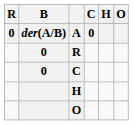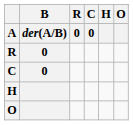 <table class="wikitable">
 <tr>
+<th></th>
+<th>B</th>
 <th>R</th>
-<th>B</th>
-<th></th>
 <th>C</th>
 <th>H</th>
 <th>O</th>
 </tr>
 <tr>
+<th>A</th>
+<th><em>der</em>(A/B)</th>
 <th>0</th>
-<th><em>der</em>(A/B)</th>
-<th>A</th>
 <th>0</th>
 <th></th>
 <th></th>
 </tr>
 <tr>
+<th>R</th>
+<th>0</th>
 <td></td>
-<th>0</th>
-<th>R</th>
 <td></td>
 <td></td>
 <td></td>
 </tr>
 <tr>
+<th>C</th>
+<th>0</th>
 <td></td>
-<th>0</th>
-<th>C</th>
 <td></td>
 <td></td>
 <td></td>
 </tr>
 <tr>
+<th>H</th>
+<th></th>
 <td></td>
-<th></th>
-<th>H</th>
 <td></td>
 <td></td>
 <td></td>
 </tr>
 <tr>
+<th>O</th>
+<th></th>
 <td></td>
-<th></th>
-<th>O</th>
 <td></td>
 <td></td>
 <td></td>
 </tr>
 </table>
